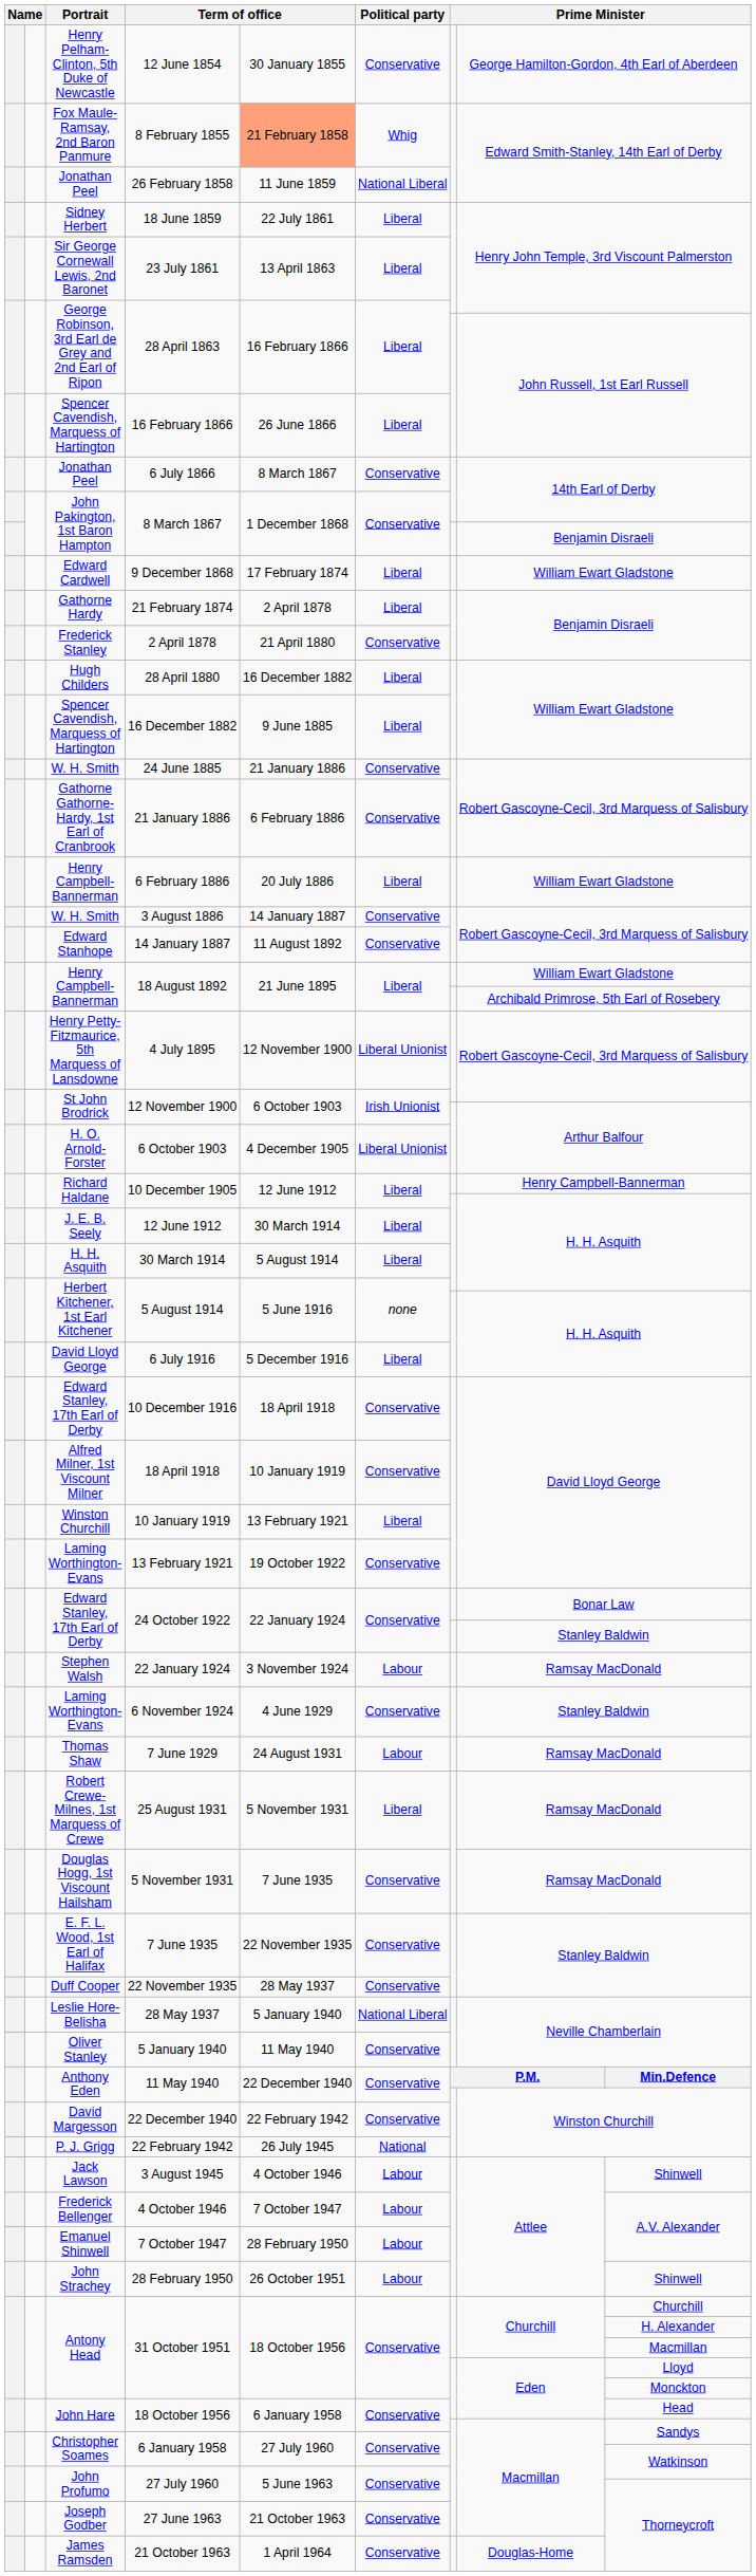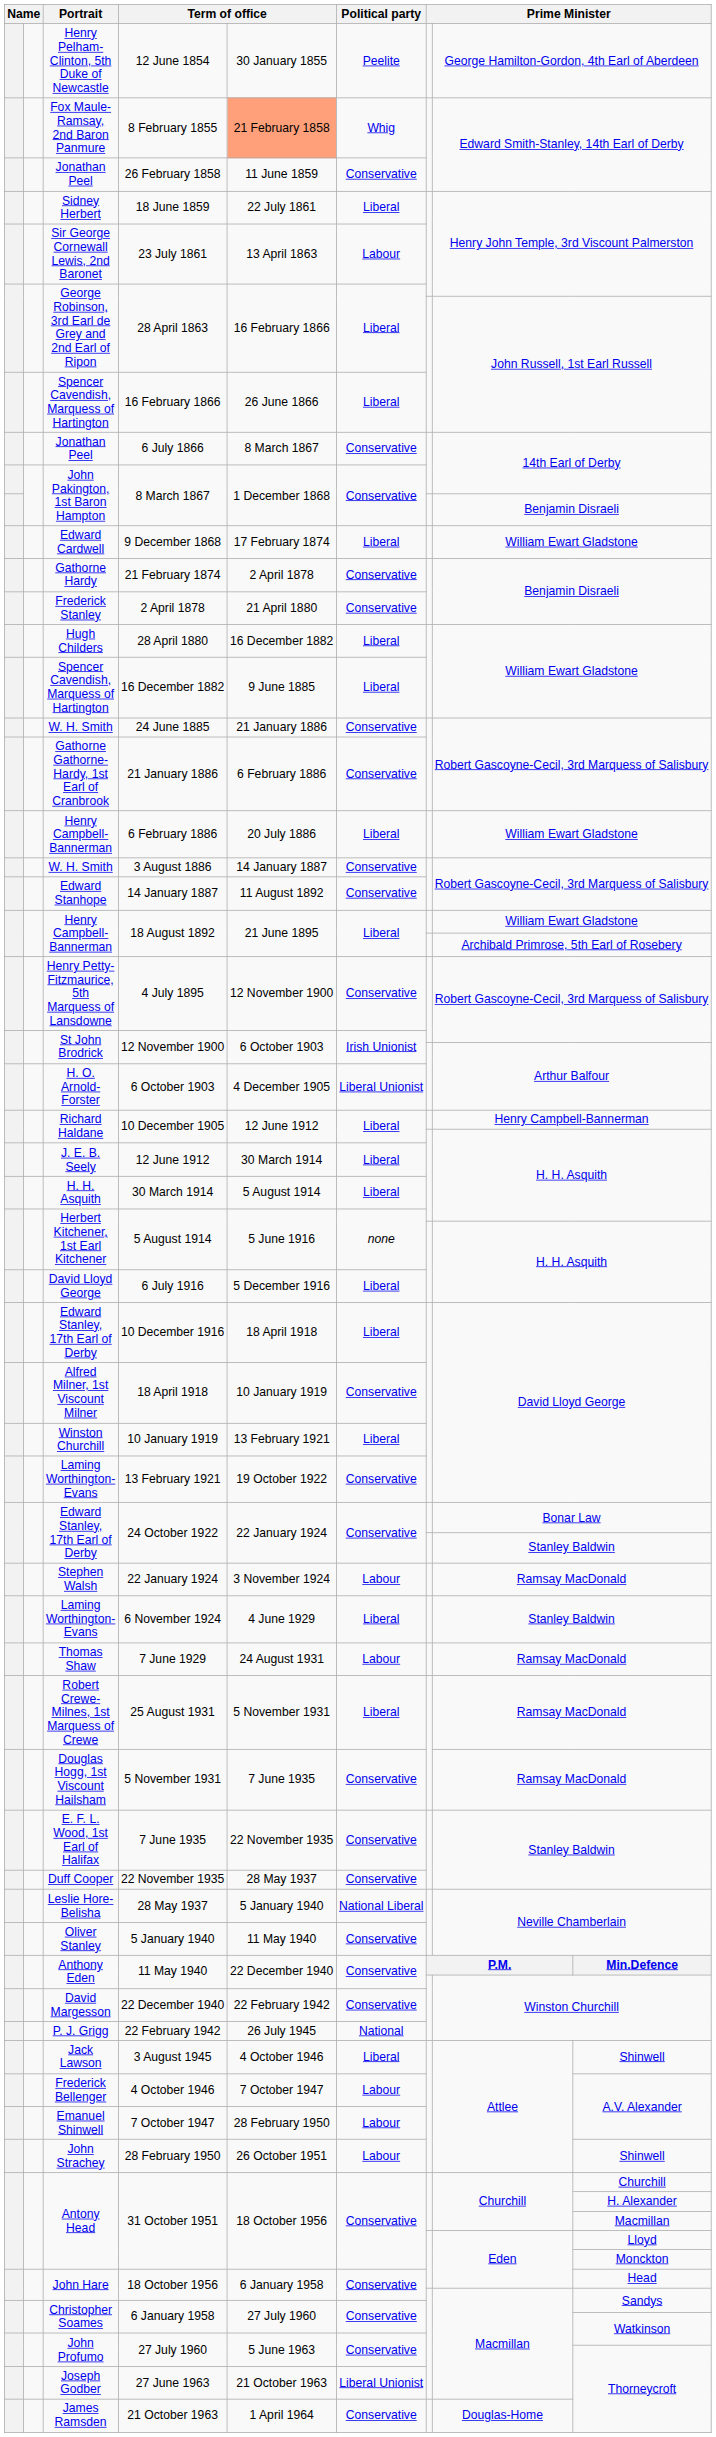 <table class="wikitable" style="text-align:center">
 <tr>
 <th colspan=2>Name</th>
 <th width=60>Portrait</th>
 <th colspan=2>Term of office</th>
 <th>Political party</th>
 <th colspan=3>Prime Minister</th>
 </tr>
 <tr style="height:1em">
 <th style="background-color:"></th>
 <td></td>
 <td><a href='#'>Henry Pelham-Clinton, 5th Duke of Newcastle</a></td>
 <td>12 June 1854</td>
 <td>30 January 1855</td>
-<td><a href='#'>Conservative</a></td>
+<td><a href='#'>Peelite</a></td>
 <td style="background-color:"></td>
 <td colspan=2><a href='#'>George Hamilton-Gordon, 4th Earl of Aberdeen</a><br></td>
 </tr>
 <tr style="height:1em">
 <th style="background-color:"></th>
 <td></td>
 <td><a href='#'>Fox Maule-Ramsay, 2nd Baron Panmure</a></td>
 <td>8 February 1855</td>
 <td style="background: lightsalmon;">21 February 1858</td>
 <td><a href='#'>Whig</a></td>
 <td rowspan=2 style="background-color:"></td>
 <td rowspan=2 colspan=2><a href='#'>Edward Smith-Stanley, 14th Earl of Derby</a></td>
 </tr>
 <tr style="height:1em">
 <th style="background-color:"></th>
 <td></td>
 <td><a href='#'>Jonathan Peel</a></td>
 <td>26 February 1858</td>
 <td>11 June 1859</td>
-<td><a href='#'>National Liberal</a></td>
+<td><a href='#'>Conservative</a></td>
 </tr>
 <tr style="height:1em">
 <th style="background-color:"></th>
 <td></td>
 <td><a href='#'>Sidney Herbert</a></td>
 <td>18 June 1859</td>
 <td>22 July 1861</td>
 <td><a href='#'>Liberal</a></td>
 <td rowspan=3 style="background-color:"></td>
 <td rowspan=3 colspan=2><a href='#'>Henry John Temple, 3rd Viscount Palmerston</a></td>
 </tr>
 <tr style="height:1em">
 <th style="background-color:"></th>
 <td></td>
 <td><a href='#'>Sir George Cornewall Lewis, 2nd Baronet</a></td>
 <td>23 July 1861</td>
 <td>13 April 1863</td>
-<td><a href='#'>Liberal</a></td>
+<td><a href='#'>Labour</a></td>
 </tr>
 <tr style="height:1em">
 <th rowspan=2 style="background-color:"></th>
 <td rowspan=2></td>
 <td rowspan=2><a href='#'>George Robinson, 3rd Earl de Grey and 2nd Earl of Ripon</a></td>
 <td rowspan=2>28 April 1863</td>
 <td rowspan=2>16 February 1866</td>
 <td rowspan=2><a href='#'>Liberal</a></td>
 </tr>
 <tr style="height:1em">
 <td rowspan=2 style="background-color:"></td>
 <td rowspan=2 colspan=2><a href='#'>John Russell, 1st Earl Russell</a></td>
 </tr>
 <tr style="height:1em">
 <th style="background-color:"></th>
 <td></td>
 <td><a href='#'>Spencer Cavendish, Marquess of Hartington</a></td>
 <td>16 February 1866</td>
 <td>26 June 1866</td>
 <td><a href='#'>Liberal</a></td>
 </tr>
 <tr style="height:1em">
 <th style="background-color:"></th>
 <td></td>
 <td><a href='#'>Jonathan Peel</a></td>
 <td>6 July 1866</td>
 <td>8 March 1867</td>
 <td><a href='#'>Conservative</a></td>
 <td rowspan=2 style="background-color:"></td>
 <td rowspan=2 colspan=2><a href='#'>14th Earl of Derby</a></td>
 </tr>
 <tr style="height:1em">
 <th height=15 style="background-color:"></th>
 <td rowspan=2></td>
 <td rowspan=2><a href='#'>John Pakington, 1st Baron Hampton</a></td>
 <td rowspan=2>8 March 1867</td>
 <td rowspan=2>1 December 1868</td>
 <td rowspan=2><a href='#'>Conservative</a></td>
 </tr>
 <tr style="height:1em">
 <th style="background-color:"></th>
 <td style="background-color:"></td>
 <td colspan=2><a href='#'>Benjamin Disraeli</a></td>
 </tr>
 <tr style="height:1em">
 <th style="background-color:"></th>
 <td></td>
 <td><a href='#'>Edward Cardwell</a></td>
 <td>9 December 1868</td>
 <td>17 February 1874</td>
 <td><a href='#'>Liberal</a></td>
 <td style="background-color:"></td>
 <td colspan=2><a href='#'>William Ewart Gladstone</a></td>
 </tr>
 <tr style="height:1em">
 <th style="background-color:"></th>
 <td></td>
 <td><a href='#'>Gathorne Hardy</a></td>
 <td>21 February 1874</td>
 <td>2 April 1878</td>
-<td><a href='#'>Liberal</a></td>
+<td><a href='#'>Conservative</a></td>
 <td rowspan=2 style="background-color:"></td>
 <td rowspan=2 colspan=2><a href='#'>Benjamin Disraeli</a></td>
 </tr>
 <tr style="height:1em">
 <th style="background-color:"></th>
 <td></td>
 <td><a href='#'>Frederick Stanley</a></td>
 <td>2 April 1878</td>
 <td>21 April 1880</td>
 <td><a href='#'>Conservative</a></td>
 </tr>
 <tr style="height:1em">
 <th style="background-color:"></th>
 <td></td>
 <td><a href='#'>Hugh Childers</a></td>
 <td>28 April 1880</td>
 <td>16 December 1882</td>
 <td><a href='#'>Liberal</a></td>
 <td rowspan=2 style="background-color:"></td>
 <td rowspan=2 colspan=2><a href='#'>William Ewart Gladstone</a></td>
 </tr>
 <tr style="height:1em">
 <th style="background-color:"></th>
 <td></td>
 <td><a href='#'>Spencer Cavendish, Marquess of Hartington</a></td>
 <td>16 December 1882</td>
 <td>9 June 1885</td>
 <td><a href='#'>Liberal</a></td>
 </tr>
 <tr style="height:1em">
 <th style="background-color:"></th>
 <td></td>
 <td><a href='#'>W. H. Smith</a></td>
 <td>24 June 1885</td>
 <td>21 January 1886</td>
 <td><a href='#'>Conservative</a></td>
 <td rowspan=2 style="background-color:"></td>
 <td rowspan=2 colspan=2><a href='#'>Robert Gascoyne-Cecil, 3rd Marquess of Salisbury</a></td>
 </tr>
 <tr style="height:1em">
 <th style="background-color:"></th>
 <td></td>
 <td><a href='#'>Gathorne Gathorne-Hardy, 1st Earl of Cranbrook</a></td>
 <td>21 January 1886</td>
 <td>6 February 1886</td>
 <td><a href='#'>Conservative</a></td>
 </tr>
 <tr style="height:1em">
 <th style="background-color:"></th>
 <td></td>
 <td><a href='#'>Henry Campbell-Bannerman</a></td>
 <td>6 February 1886</td>
 <td>20 July 1886</td>
 <td><a href='#'>Liberal</a></td>
 <td style="background-color:"></td>
 <td colspan=2><a href='#'>William Ewart Gladstone</a></td>
 </tr>
 <tr style="height:1em">
 <th style="background-color:"></th>
 <td></td>
 <td><a href='#'>W. H. Smith</a></td>
 <td>3 August 1886</td>
 <td>14 January 1887</td>
 <td><a href='#'>Conservative</a></td>
 <td rowspan=2 style="background-color:"></td>
 <td rowspan=2 colspan=2><a href='#'>Robert Gascoyne-Cecil, 3rd Marquess of Salisbury</a></td>
 </tr>
 <tr style="height:1em">
 <th style="background-color:"></th>
 <td></td>
 <td><a href='#'>Edward Stanhope</a></td>
 <td>14 January 1887</td>
 <td>11 August 1892</td>
 <td><a href='#'>Conservative</a></td>
 </tr>
 <tr style="height:1em">
 <th rowspan=2 style="background-color:"></th>
 <td rowspan=2></td>
 <td rowspan=2><a href='#'>Henry Campbell-Bannerman</a></td>
 <td rowspan=2>18 August 1892</td>
 <td rowspan=2>21 June 1895</td>
 <td rowspan=2><a href='#'>Liberal</a></td>
 <td style="background-color:"></td>
 <td colspan=2><a href='#'>William Ewart Gladstone</a></td>
 </tr>
 <tr style="height:1em">
 <td style="background-color:"></td>
 <td colspan=2><a href='#'>Archibald Primrose, 5th Earl of Rosebery</a></td>
 </tr>
 <tr style="height:1em">
 <th style="background-color:"></th>
 <td></td>
 <td><a href='#'>Henry Petty-Fitzmaurice, 5th Marquess of Lansdowne</a></td>
 <td>4 July 1895</td>
 <td>12 November 1900</td>
-<td><a href='#'>Liberal Unionist</a></td>
+<td><a href='#'>Conservative</a></td>
 <td rowspan=2 style="background-color:"></td>
 <td rowspan=2 colspan=2><a href='#'>Robert Gascoyne-Cecil, 3rd Marquess of Salisbury</a><br></td>
 </tr>
 <tr style="height:1em">
 <th rowspan=2 style="background-color:"></th>
 <td rowspan=2></td>
 <td rowspan=2><a href='#'>St John Brodrick</a></td>
 <td rowspan=2>12 November 1900</td>
 <td rowspan=2>6 October 1903</td>
 <td rowspan=2><a href='#'>Irish Unionist</a></td>
 </tr>
 <tr style="height:1em">
 <td rowspan=2 style="background-color:"></td>
 <td rowspan=2 colspan=2><a href='#'>Arthur Balfour</a><br></td>
 </tr>
 <tr style="height:1em">
 <th style="background-color:"></th>
 <td></td>
 <td><a href='#'>H. O. Arnold-Forster</a></td>
 <td>6 October 1903</td>
 <td>4 December 1905</td>
 <td><a href='#'>Liberal Unionist</a></td>
 </tr>
 <tr style="height:1em">
 <th rowspan=2 style="background-color:"></th>
 <td rowspan=2></td>
 <td rowspan=2><a href='#'>Richard Haldane</a><br></td>
 <td rowspan=2>10 December 1905</td>
 <td rowspan=2>12 June 1912</td>
 <td rowspan=2><a href='#'>Liberal</a></td>
 <td style="background-color:"></td>
 <td colspan=2><a href='#'>Henry Campbell-Bannerman</a></td>
 </tr>
 <tr style="height:1em">
 <td rowspan=4 style="background-color:"></td>
 <td rowspan=4 colspan=2><a href='#'>H. H. Asquith</a></td>
 </tr>
 <tr style="height:1em">
 <th style="background-color:"></th>
 <td></td>
 <td><a href='#'>J. E. B. Seely</a></td>
 <td>12 June 1912</td>
 <td>30 March 1914</td>
 <td><a href='#'>Liberal</a></td>
 </tr>
 <tr style="height:1em">
 <th style="background-color:"></th>
 <td></td>
 <td><a href='#'>H. H. Asquith</a><br></td>
 <td>30 March 1914</td>
 <td>5 August 1914</td>
 <td><a href='#'>Liberal</a></td>
 </tr>
 <tr style="height:1em">
 <th rowspan=2 style="background-color:"></th>
 <td rowspan=2></td>
 <td rowspan=2><a href='#'>Herbert Kitchener, 1st Earl Kitchener</a></td>
 <td rowspan=2>5 August 1914</td>
 <td rowspan=2>5 June 1916</td>
 <td rowspan=2><em>none</em></td>
 </tr>
 <tr style="height:1em">
 <td rowspan=2 style="background-color:"></td>
 <td rowspan=2 colspan=2><a href='#'>H. H. Asquith</a><br></td>
 </tr>
 <tr style="height:1em">
 <th style="background-color:"></th>
 <td></td>
 <td><a href='#'>David Lloyd George</a></td>
 <td>6 July 1916</td>
 <td>5 December 1916</td>
 <td><a href='#'>Liberal</a></td>
 </tr>
 <tr style="height:1em">
 <th style="background-color:"></th>
 <td></td>
 <td><a href='#'>Edward Stanley, 17th Earl of Derby</a></td>
 <td>10 December 1916</td>
 <td>18 April 1918</td>
-<td><a href='#'>Conservative</a></td>
+<td><a href='#'>Liberal</a></td>
 <td rowspan=4 style="background-color:"></td>
 <td rowspan=4 colspan=2><a href='#'>David Lloyd George</a><br></td>
 </tr>
 <tr style="height:1em">
 <th style="background-color:"></th>
 <td></td>
 <td><a href='#'>Alfred Milner, 1st Viscount Milner</a></td>
 <td>18 April 1918</td>
 <td>10 January 1919</td>
 <td><a href='#'>Conservative</a></td>
 </tr>
 <tr style="height:1em">
 <th style="background-color:"></th>
 <td></td>
 <td><a href='#'>Winston Churchill</a></td>
 <td>10 January 1919</td>
 <td>13 February 1921</td>
 <td><a href='#'>Liberal</a></td>
 </tr>
 <tr style="height:1em">
 <th style="background-color:"></th>
 <td></td>
 <td><a href='#'>Laming Worthington-Evans</a></td>
 <td>13 February 1921</td>
 <td>19 October 1922</td>
 <td><a href='#'>Conservative</a></td>
 </tr>
 <tr style="height:1em">
 <th rowspan=2 style="background-color:"></th>
 <td rowspan=2></td>
 <td rowspan=2><a href='#'>Edward Stanley, 17th Earl of Derby</a></td>
 <td rowspan=2>24 October 1922</td>
 <td rowspan=2>22 January 1924</td>
 <td rowspan=2><a href='#'>Conservative</a></td>
 <td style="background-color:"></td>
 <td colspan=2><a href='#'>Bonar Law</a></td>
 </tr>
 <tr style="height:1em">
 <td style="background-color:"></td>
 <td colspan=2><a href='#'>Stanley Baldwin</a></td>
 </tr>
 <tr style="height:1em">
 <th style="background-color:"></th>
 <td></td>
 <td><a href='#'>Stephen Walsh</a></td>
 <td>22 January 1924</td>
 <td>3 November 1924</td>
 <td><a href='#'>Labour</a></td>
 <td style="background-color:"></td>
 <td colspan=2><a href='#'>Ramsay MacDonald</a></td>
 </tr>
 <tr style="height:1em">
 <th style="background-color:"></th>
 <td></td>
 <td><a href='#'>Laming Worthington-Evans</a></td>
 <td>6 November 1924</td>
 <td>4 June 1929</td>
-<td><a href='#'>Conservative</a></td>
+<td><a href='#'>Liberal</a></td>
 <td style="background-color:"></td>
 <td colspan=2><a href='#'>Stanley Baldwin</a></td>
 </tr>
 <tr style="height:1em">
 <th style="background-color:"></th>
 <td></td>
 <td><a href='#'>Thomas Shaw</a></td>
 <td>7 June 1929</td>
 <td>24 August 1931</td>
 <td><a href='#'>Labour</a></td>
 <td style="background-color:"></td>
 <td colspan=2><a href='#'>Ramsay MacDonald</a></td>
 </tr>
 <tr style="height:1em">
 <th style="background-color:"></th>
 <td></td>
 <td><a href='#'>Robert Crewe-Milnes, 1st Marquess of Crewe</a></td>
 <td>25 August 1931</td>
 <td>5 November 1931</td>
 <td><a href='#'>Liberal</a></td>
 <td rowspan=2 style="background-color:"></td>
 <td colspan=2><a href='#'>Ramsay MacDonald</a><br></td>
 </tr>
 <tr style="height:1em">
 <th style="background-color:"></th>
 <td></td>
 <td><a href='#'>Douglas Hogg, 1st Viscount Hailsham</a></td>
 <td>5 November 1931</td>
 <td>7 June 1935</td>
 <td><a href='#'>Conservative</a></td>
 <td colspan=2><a href='#'>Ramsay MacDonald</a><br></td>
 </tr>
 <tr style="height:1em">
 <th style="background-color:"></th>
 <td></td>
 <td><a href='#'>E. F. L. Wood, 1st Earl of Halifax</a></td>
 <td>7 June 1935</td>
 <td>22 November 1935</td>
 <td><a href='#'>Conservative</a></td>
 <td rowspan=2 style="background-color:"></td>
 <td rowspan=2 colspan=2><a href='#'>Stanley Baldwin</a><br></td>
 </tr>
 <tr style="height:1em">
 <th style="background-color:"></th>
 <td></td>
 <td><a href='#'>Duff Cooper</a></td>
 <td>22 November 1935</td>
 <td>28 May 1937</td>
 <td><a href='#'>Conservative</a></td>
 </tr>
 <tr style="height:1em">
 <th style="background-color:"></th>
 <td></td>
 <td><a href='#'>Leslie Hore-Belisha</a></td>
 <td>28 May 1937</td>
 <td>5 January 1940</td>
 <td><a href='#'>National Liberal</a></td>
 <td rowspan=2 style="background-color:"></td>
 <td rowspan=2 colspan=2><a href='#'>Neville Chamberlain</a><br></td>
 </tr>
 <tr style="height:1em">
 <th style="background-color:"></th>
 <td></td>
 <td><a href='#'>Oliver Stanley</a></td>
 <td>5 January 1940</td>
 <td>11 May 1940</td>
 <td><a href='#'>Conservative</a></td>
 </tr>
 <tr style="height:1em">
 <th rowspan=2 style="background-color:"></th>
 <td rowspan=2></td>
 <td rowspan=2><a href='#'>Anthony Eden</a></td>
 <td rowspan=2>11 May 1940</td>
 <td rowspan=2>22 December 1940</td>
 <td rowspan=2><a href='#'>Conservative</a></td>
 <th colspan=2><a href='#'>P.M.</a></th>
 <th><a href='#'>Min.Defence</a></th>
 </tr>
 <tr style="height:1em">
 <td rowspan=3 style="background-color:"></td>
 <td rowspan=3 colspan=2><a href='#'>Winston Churchill</a><br></td>
 </tr>
 <tr style="height:1em">
 <th style="background-color:"></th>
 <td></td>
 <td><a href='#'>David Margesson</a></td>
 <td>22 December 1940</td>
 <td>22 February 1942</td>
 <td><a href='#'>Conservative</a></td>
 </tr>
 <tr style="height:1em">
 <th style="background-color:"></th>
 <td></td>
 <td><a href='#'>P. J. Grigg</a></td>
 <td>22 February 1942</td>
 <td>26 July 1945</td>
 <td><a href='#'>National</a></td>
 </tr>
 <tr style="height:1em">
 <th style="background-color:"></th>
 <td></td>
 <td><a href='#'>Jack Lawson</a></td>
 <td>3 August 1945</td>
 <td>4 October 1946</td>
-<td><a href='#'>Labour</a></td>
+<td><a href='#'>Liberal</a></td>
 <td rowspan=4 style="background-color:"></td>
 <td rowspan=4><a href='#'>Attlee</a></td>
 <td><a href='#'>Shinwell</a></td>
 </tr>
 <tr style="height:1em">
 <th style="background-color:"></th>
 <td></td>
 <td><a href='#'>Frederick Bellenger</a></td>
 <td>4 October 1946</td>
 <td>7 October 1947</td>
 <td><a href='#'>Labour</a></td>
 <td rowspan=2><a href='#'>A.V. Alexander</a></td>
 </tr>
 <tr style="height:1em">
 <th style="background-color:"></th>
 <td></td>
 <td><a href='#'>Emanuel Shinwell</a></td>
 <td>7 October 1947</td>
 <td>28 February 1950</td>
 <td><a href='#'>Labour</a></td>
 </tr>
 <tr style="height:1em">
 <th style="background-color:"></th>
 <td></td>
 <td><a href='#'>John Strachey</a></td>
 <td>28 February 1950</td>
 <td>26 October 1951</td>
 <td><a href='#'>Labour</a></td>
 <td><a href='#'>Shinwell</a></td>
 </tr>
 <tr style="height:1em">
 <th rowspan=5 style="background-color:"></th>
 <td rowspan=5></td>
 <td rowspan=5><a href='#'>Antony Head</a></td>
 <td rowspan=5>31 October 1951</td>
 <td rowspan=5>18 October 1956</td>
 <td rowspan=5><a href='#'>Conservative</a></td>
 <td rowspan=3 style="background-color:"></td>
 <td rowspan=3><a href='#'>Churchill</a></td>
 <td><a href='#'>Churchill</a></td>
 </tr>
 <tr>
 <td><a href='#'>H. Alexander</a></td>
 </tr>
 <tr>
 <td><a href='#'>Macmillan</a></td>
 </tr>
 <tr style="height:1em">
 <td rowspan=3 style="background-color:"></td>
 <td rowspan=3><a href='#'>Eden</a></td>
 <td><a href='#'>Lloyd</a></td>
 </tr>
 <tr>
 <td><a href='#'>Monckton</a></td>
 </tr>
 <tr style="height:1em">
 <th rowspan=2 style="background-color:"></th>
 <td rowspan=2></td>
 <td rowspan=2><a href='#'>John Hare</a></td>
 <td rowspan=2>18 October 1956</td>
 <td rowspan=2>6 January 1958</td>
 <td rowspan=2><a href='#'>Conservative</a></td>
 <td><a href='#'>Head</a></td>
 </tr>
 <tr style="height:1em">
 <td rowspan=6 style="background-color:"></td>
 <td rowspan=6><a href='#'>Macmillan</a></td>
 <td rowspan=2><a href='#'>Sandys</a></td>
 </tr>
 <tr style="height:1em">
 <th rowspan=2 style="background-color:"></th>
 <td rowspan=2></td>
 <td rowspan=2><a href='#'>Christopher Soames</a></td>
 <td rowspan=2>6 January 1958</td>
 <td rowspan=2>27 July 1960</td>
 <td rowspan=2><a href='#'>Conservative</a></td>
 </tr>
 <tr>
 <td rowspan=2><a href='#'>Watkinson</a></td>
 </tr>
 <tr style="height:1em">
 <th rowspan=2 style="background-color:"></th>
 <td rowspan=2></td>
 <td rowspan=2><a href='#'>John Profumo</a></td>
 <td rowspan=2>27 July 1960</td>
 <td rowspan=2>5 June 1963</td>
 <td rowspan=2><a href='#'>Conservative</a></td>
 </tr>
 <tr>
 <td rowspan=3><a href='#'>Thorneycroft</a></td>
 </tr>
 <tr style="height:1em">
 <th style="background-color:"></th>
 <td></td>
 <td><a href='#'>Joseph Godber</a></td>
 <td>27 June 1963</td>
 <td>21 October 1963</td>
-<td><a href='#'>Conservative</a></td>
+<td><a href='#'>Liberal Unionist</a></td>
 </tr>
 <tr style="height:1em">
 <th style="background-color:"></th>
 <td></td>
 <td><a href='#'>James Ramsden</a></td>
 <td>21 October 1963</td>
 <td>1 April 1964</td>
 <td><a href='#'>Conservative</a></td>
 <td style="background-color:"></td>
 <td><a href='#'>Douglas-Home</a></td>
 </tr>
 </table>
